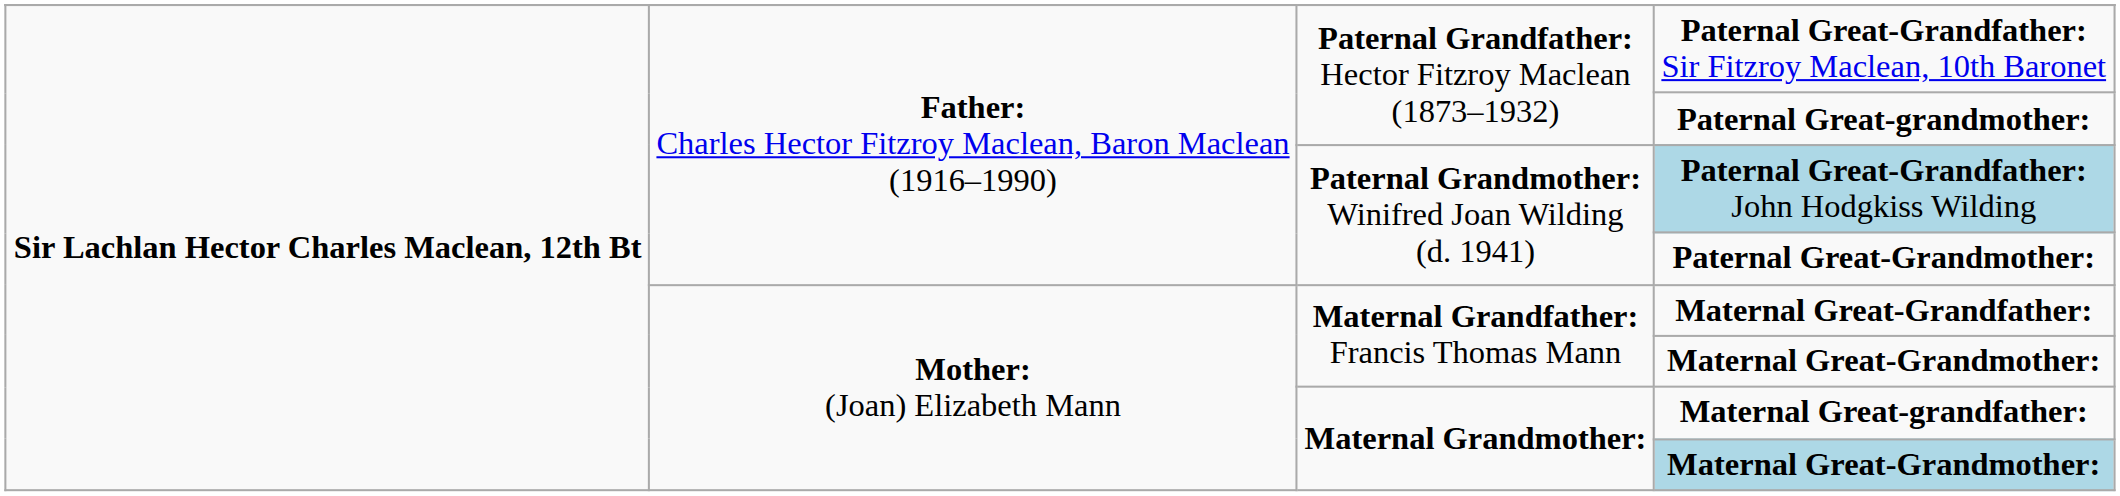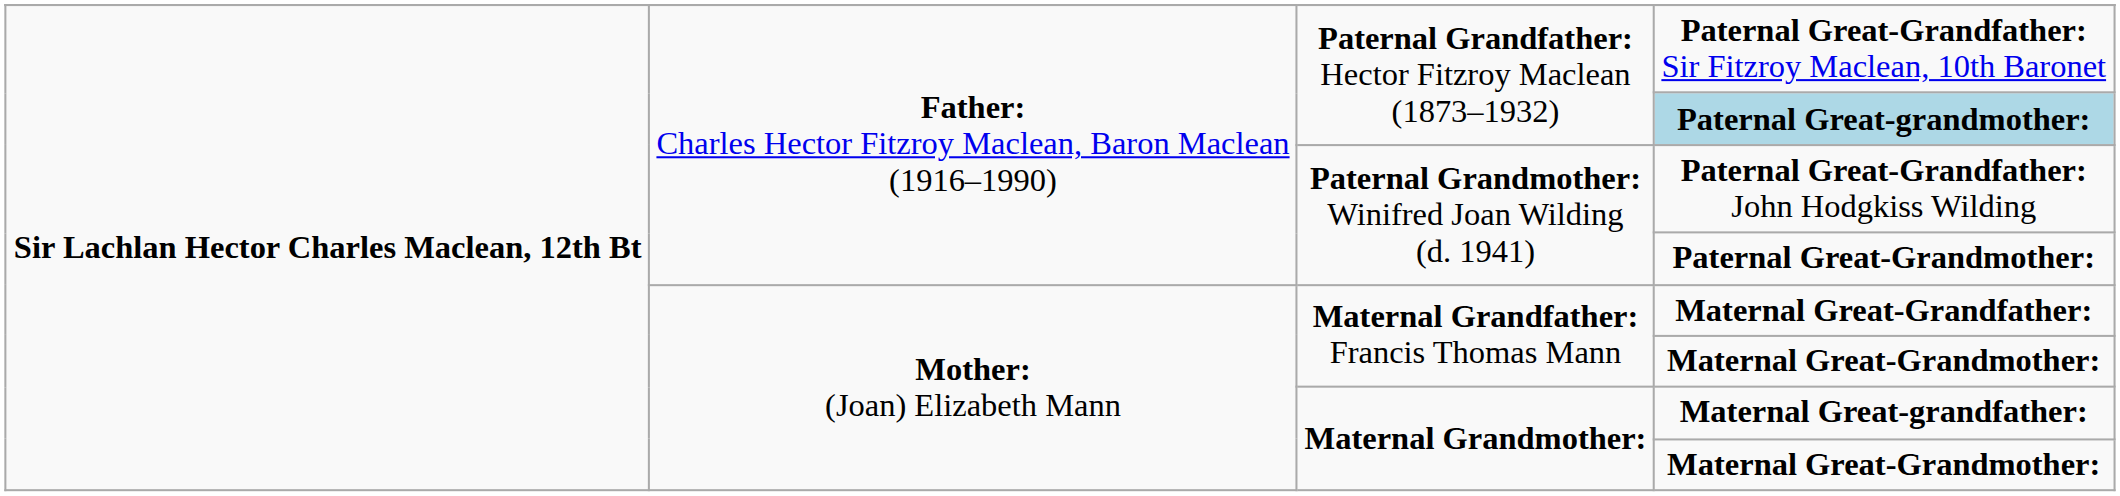 <table class="wikitable"  style="margin:1em auto;">
 <tr>
 </tr>
 <tr>
 <td rowspan="8" align="center"><strong>Sir Lachlan Hector Charles Maclean, 12th Bt</strong></td>
 <td rowspan="4" align="center"><strong>Father:</strong><br><a href='#'>Charles Hector Fitzroy Maclean, Baron Maclean</a><br>(1916–1990)</td>
 <td rowspan="2" align="center"><strong>Paternal Grandfather:</strong><br>Hector Fitzroy Maclean<br>(1873–1932)</td>
 <td align="center"><strong>Paternal Great-Grandfather:</strong><br><a href='#'>Sir Fitzroy Maclean, 10th Baronet</a></td>
 </tr>
 <tr>
-<td align="center"><strong>Paternal Great-grandmother:</strong><br></td>
+<td align="center" style="background: lightblue;"><strong>Paternal Great-grandmother:</strong><br></td>
 </tr>
 <tr>
 <td rowspan="2" align="center"><strong>Paternal Grandmother:</strong><br>Winifred Joan Wilding<br>(d. 1941)</td>
-<td align="center" style="background: lightblue;"><strong>Paternal Great-Grandfather:</strong><br>John Hodgkiss Wilding</td>
+<td align="center"><strong>Paternal Great-Grandfather:</strong><br>John Hodgkiss Wilding</td>
 </tr>
 <tr>
 <td align="center"><strong>Paternal Great-Grandmother:</strong><br></td>
 </tr>
 <tr>
 <td rowspan="4" align="center"><strong>Mother:</strong><br>(Joan) Elizabeth Mann</td>
 <td rowspan="2" align="center"><strong>Maternal Grandfather:</strong><br>Francis Thomas Mann</td>
 <td align="center"><strong>Maternal Great-Grandfather:</strong><br></td>
 </tr>
 <tr>
 <td align="center"><strong>Maternal Great-Grandmother:</strong><br></td>
 </tr>
 <tr>
 <td rowspan="2" align="center"><strong>Maternal Grandmother:</strong><br></td>
 <td align="center"><strong>Maternal Great-grandfather:</strong><br></td>
 </tr>
 <tr>
-<td align="center" style="background: lightblue;"><strong>Maternal Great-Grandmother:</strong><br></td>
+<td align="center"><strong>Maternal Great-Grandmother:</strong><br></td>
 </tr>
 </table>
